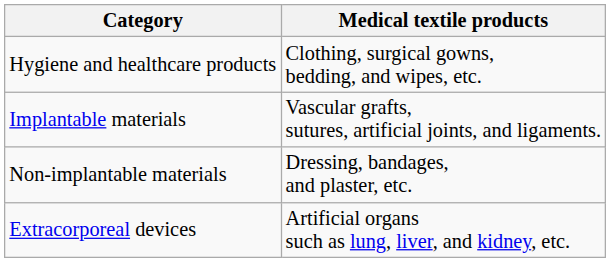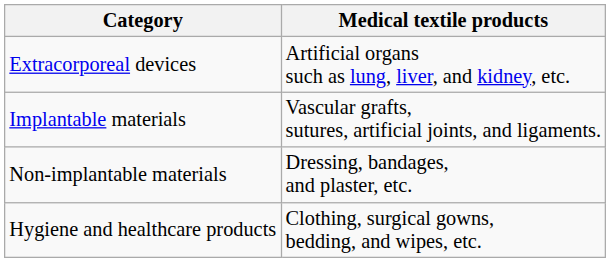 <table class="wikitable">
 <tr>
 <th>Category</th>
 <th>Medical textile products</th>
 </tr>
 <tr>
-<td>Hygiene and healthcare products</td>
-<td>Clothing, surgical gowns,<br>bedding, and wipes, etc.</td>
+<td><a href='#'>Extracorporeal</a> devices</td>
+<td>Artificial organs<br>such as <a href='#'>lung</a>, <a href='#'>liver</a>, and <a href='#'>kidney</a>, etc.</td>
 </tr>
 <tr>
 <td><a href='#'>Implantable</a> materials</td>
 <td>Vascular grafts,<br>sutures, artificial joints, and ligaments.</td>
 </tr>
 <tr>
 <td>Non-implantable materials</td>
 <td>Dressing, bandages,<br>and plaster, etc.</td>
 </tr>
 <tr>
-<td><a href='#'>Extracorporeal</a> devices</td>
-<td>Artificial organs<br>such as <a href='#'>lung</a>, <a href='#'>liver</a>, and <a href='#'>kidney</a>, etc.</td>
+<td>Hygiene and healthcare products</td>
+<td>Clothing, surgical gowns,<br>bedding, and wipes, etc.</td>
 </tr>
 </table>
